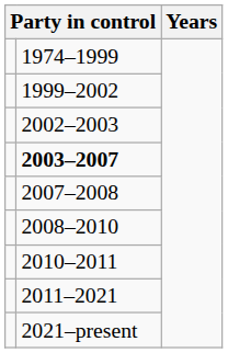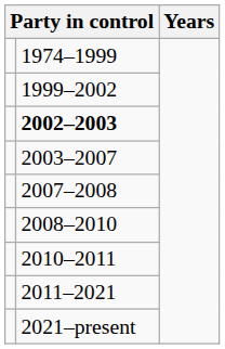 <table class="wikitable">
 <tr>
 <th colspan=2>Party in control</th>
 <th>Years</th>
 </tr>
 <tr>
 <td></td>
 <td>1974–1999</td>
 </tr>
 <tr>
 <td></td>
 <td>1999–2002</td>
 </tr>
 <tr>
 <td></td>
-<td>2002–2003</td>
+<td><strong>2002–2003</strong></td>
 </tr>
 <tr>
 <td></td>
-<td><strong>2003–2007</strong></td>
+<td>2003–2007</td>
 </tr>
 <tr>
 <td></td>
 <td>2007–2008</td>
 </tr>
 <tr>
 <td></td>
 <td>2008–2010</td>
 </tr>
 <tr>
 <td></td>
 <td>2010–2011</td>
 </tr>
 <tr>
 <td></td>
 <td>2011–2021</td>
 </tr>
 <tr>
 <td></td>
 <td>2021–present</td>
 </tr>
 </table>
